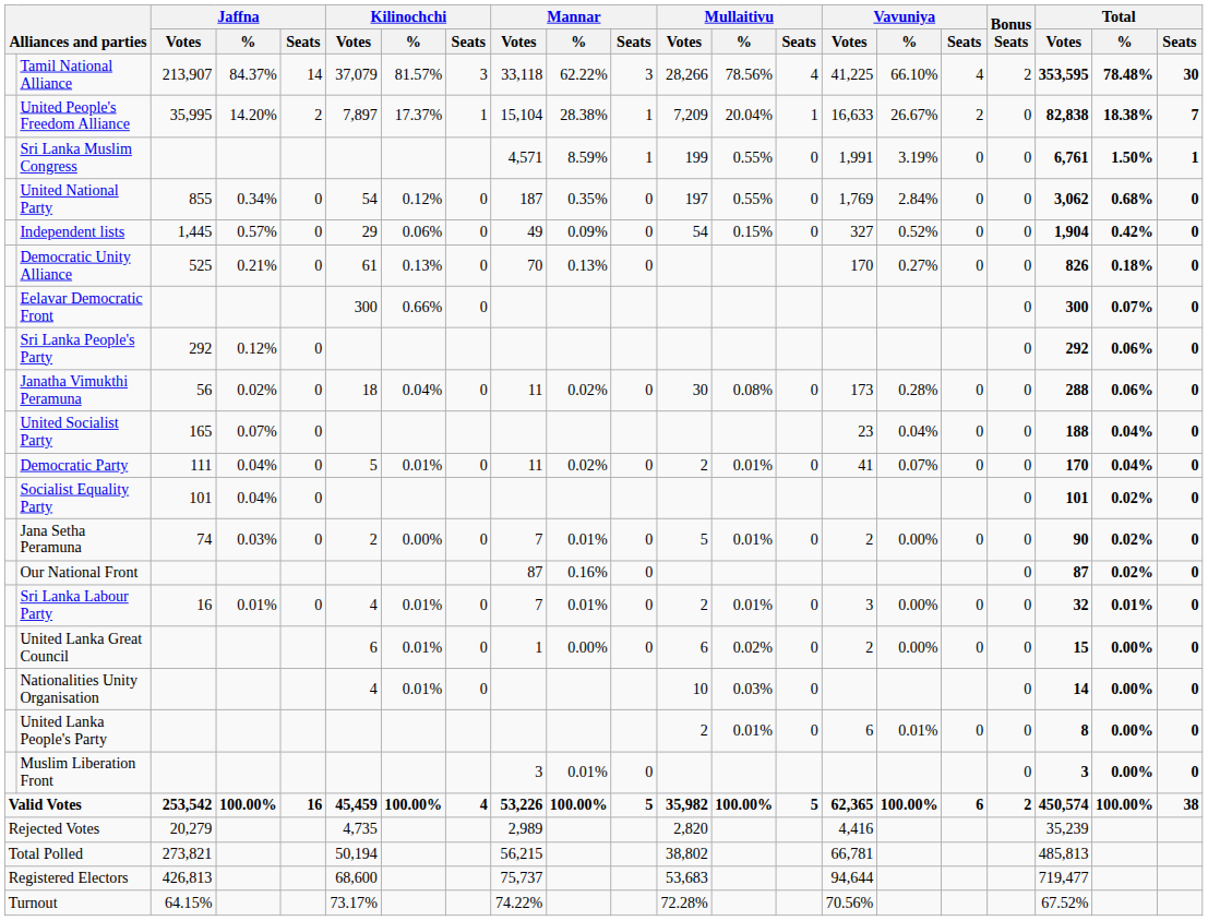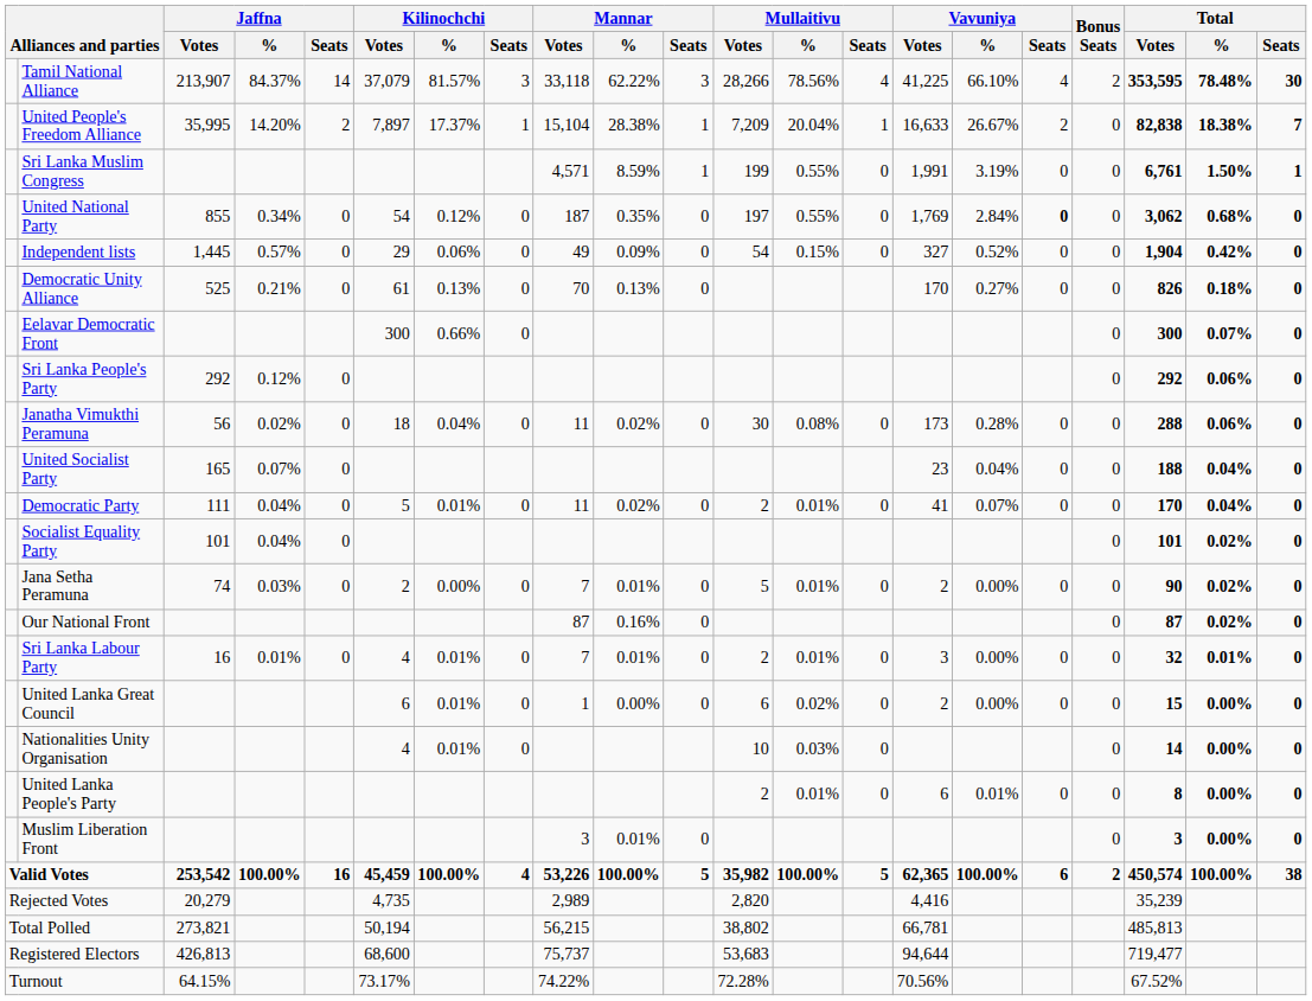 <table class="wikitable" border="1" style="text-align:right;">
 <tr>
 <th valign=bottom rowspan=2 colspan=2 width="300">Alliances and parties</th>
 <th colspan=3><a href='#'>Jaffna</a></th>
 <th colspan=3><a href='#'>Kilinochchi</a></th>
 <th colspan=3><a href='#'>Mannar</a></th>
 <th colspan=3><a href='#'>Mullaitivu</a></th>
 <th colspan=3><a href='#'>Vavuniya</a></th>
 <th valign=bottom rowspan=2 width="40">Bonus<br>Seats</th>
 <th colspan=3>Total</th>
 </tr>
 <tr>
 <th align=center valign=bottom width="60">Votes</th>
 <th align=center valign=bottom width="50">%</th>
 <th align=center valign=bottom width="40">Seats</th>
 <th align=center valign=bottom width="50">Votes</th>
 <th align=center valign=bottom width="50">%</th>
 <th align=center valign=bottom width="40">Seats</th>
 <th align=center valign=bottom width="50">Votes</th>
 <th align=center valign=bottom width="50">%</th>
 <th align=center valign=bottom width="40">Seats</th>
 <th align=center valign=bottom width="50">Votes</th>
 <th align=center valign=bottom width="50">%</th>
 <th align=center valign=bottom width="40">Seats</th>
 <th align=center valign=bottom width="50">Votes</th>
 <th align=center valign=bottom width="50">%</th>
 <th align=center valign=bottom width="40">Seats</th>
 <th align=center valign=bottom width="50">Votes</th>
 <th align=center valign=bottom width="50">%</th>
 <th align=center valign=bottom width="40">Seats</th>
 </tr>
 <tr>
 <td bgcolor=> </td>
 <td align=left><a href='#'>Tamil National Alliance</a></td>
 <td>213,907</td>
 <td>84.37%</td>
 <td>14</td>
 <td>37,079</td>
 <td>81.57%</td>
 <td>3</td>
 <td>33,118</td>
 <td>62.22%</td>
 <td>3</td>
 <td>28,266</td>
 <td>78.56%</td>
 <td>4</td>
 <td>41,225</td>
 <td>66.10%</td>
 <td>4</td>
 <td>2</td>
 <td><strong>353,595</strong></td>
 <td><strong>78.48%</strong></td>
 <td><strong>30</strong></td>
 </tr>
 <tr>
 <td bgcolor=> </td>
 <td align=left><a href='#'>United People's Freedom Alliance</a></td>
 <td>35,995</td>
 <td>14.20%</td>
 <td>2</td>
 <td>7,897</td>
 <td>17.37%</td>
 <td>1</td>
 <td>15,104</td>
 <td>28.38%</td>
 <td>1</td>
 <td>7,209</td>
 <td>20.04%</td>
 <td>1</td>
 <td>16,633</td>
 <td>26.67%</td>
 <td>2</td>
 <td>0</td>
 <td><strong>82,838</strong></td>
 <td><strong>18.38%</strong></td>
 <td><strong>7</strong></td>
 </tr>
 <tr>
 <td bgcolor=> </td>
 <td align=left><a href='#'>Sri Lanka Muslim Congress</a></td>
 <td></td>
 <td></td>
 <td></td>
 <td></td>
 <td></td>
 <td></td>
 <td>4,571</td>
 <td>8.59%</td>
 <td>1</td>
 <td>199</td>
 <td>0.55%</td>
 <td>0</td>
 <td>1,991</td>
 <td>3.19%</td>
 <td>0</td>
 <td>0</td>
 <td><strong>6,761</strong></td>
 <td><strong>1.50%</strong></td>
 <td><strong>1</strong></td>
 </tr>
 <tr>
 <td bgcolor=> </td>
 <td align=left><a href='#'>United National Party</a></td>
 <td>855</td>
 <td>0.34%</td>
 <td>0</td>
 <td>54</td>
 <td>0.12%</td>
 <td>0</td>
 <td>187</td>
 <td>0.35%</td>
 <td>0</td>
 <td>197</td>
 <td>0.55%</td>
 <td>0</td>
 <td>1,769</td>
 <td>2.84%</td>
-<td>0</td>
+<td><strong>0</strong></td>
 <td>0</td>
 <td><strong>3,062</strong></td>
 <td><strong>0.68%</strong></td>
 <td><strong>0</strong></td>
 </tr>
 <tr>
 <td bgcolor=> </td>
 <td align=left><a href='#'>Independent lists</a></td>
 <td>1,445</td>
 <td>0.57%</td>
 <td>0</td>
 <td>29</td>
 <td>0.06%</td>
 <td>0</td>
 <td>49</td>
 <td>0.09%</td>
 <td>0</td>
 <td>54</td>
 <td>0.15%</td>
 <td>0</td>
 <td>327</td>
 <td>0.52%</td>
 <td>0</td>
 <td>0</td>
 <td><strong>1,904</strong></td>
 <td><strong>0.42%</strong></td>
 <td><strong>0</strong></td>
 </tr>
 <tr>
 <td bgcolor=> </td>
 <td align=left><a href='#'>Democratic Unity Alliance</a></td>
 <td>525</td>
 <td>0.21%</td>
 <td>0</td>
 <td>61</td>
 <td>0.13%</td>
 <td>0</td>
 <td>70</td>
 <td>0.13%</td>
 <td>0</td>
 <td></td>
 <td></td>
 <td></td>
 <td>170</td>
 <td>0.27%</td>
 <td>0</td>
 <td>0</td>
 <td><strong>826</strong></td>
 <td><strong>0.18%</strong></td>
 <td><strong>0</strong></td>
 </tr>
 <tr>
 <td bgcolor=> </td>
 <td align=left><a href='#'>Eelavar Democratic Front</a></td>
 <td></td>
 <td></td>
 <td></td>
 <td>300</td>
 <td>0.66%</td>
 <td>0</td>
 <td></td>
 <td></td>
 <td></td>
 <td></td>
 <td></td>
 <td></td>
 <td></td>
 <td></td>
 <td></td>
 <td>0</td>
 <td><strong>300</strong></td>
 <td><strong>0.07%</strong></td>
 <td><strong>0</strong></td>
 </tr>
 <tr>
 <td></td>
 <td align=left><a href='#'>Sri Lanka People's Party</a></td>
 <td>292</td>
 <td>0.12%</td>
 <td>0</td>
 <td></td>
 <td></td>
 <td></td>
 <td></td>
 <td></td>
 <td></td>
 <td></td>
 <td></td>
 <td></td>
 <td></td>
 <td></td>
 <td></td>
 <td>0</td>
 <td><strong>292</strong></td>
 <td><strong>0.06%</strong></td>
 <td><strong>0</strong></td>
 </tr>
 <tr>
 <td bgcolor=> </td>
 <td align=left><a href='#'>Janatha Vimukthi Peramuna</a></td>
 <td>56</td>
 <td>0.02%</td>
 <td>0</td>
 <td>18</td>
 <td>0.04%</td>
 <td>0</td>
 <td>11</td>
 <td>0.02%</td>
 <td>0</td>
 <td>30</td>
 <td>0.08%</td>
 <td>0</td>
 <td>173</td>
 <td>0.28%</td>
 <td>0</td>
 <td>0</td>
 <td><strong>288</strong></td>
 <td><strong>0.06%</strong></td>
 <td><strong>0</strong></td>
 </tr>
 <tr>
 <td bgcolor=> </td>
 <td align=left><a href='#'>United Socialist Party</a></td>
 <td>165</td>
 <td>0.07%</td>
 <td>0</td>
 <td></td>
 <td></td>
 <td></td>
 <td></td>
 <td></td>
 <td></td>
 <td></td>
 <td></td>
 <td></td>
 <td>23</td>
 <td>0.04%</td>
 <td>0</td>
 <td>0</td>
 <td><strong>188</strong></td>
 <td><strong>0.04%</strong></td>
 <td><strong>0</strong></td>
 </tr>
 <tr>
 <td bgcolor=> </td>
 <td align=left><a href='#'>Democratic Party</a></td>
 <td>111</td>
 <td>0.04%</td>
 <td>0</td>
 <td>5</td>
 <td>0.01%</td>
 <td>0</td>
 <td>11</td>
 <td>0.02%</td>
 <td>0</td>
 <td>2</td>
 <td>0.01%</td>
 <td>0</td>
 <td>41</td>
 <td>0.07%</td>
 <td>0</td>
 <td>0</td>
 <td><strong>170</strong></td>
 <td><strong>0.04%</strong></td>
 <td><strong>0</strong></td>
 </tr>
 <tr>
 <td bgcolor=> </td>
 <td align=left><a href='#'>Socialist Equality Party</a></td>
 <td>101</td>
 <td>0.04%</td>
 <td>0</td>
 <td></td>
 <td></td>
 <td></td>
 <td></td>
 <td></td>
 <td></td>
 <td></td>
 <td></td>
 <td></td>
 <td></td>
 <td></td>
 <td></td>
 <td>0</td>
 <td><strong>101</strong></td>
 <td><strong>0.02%</strong></td>
 <td><strong>0</strong></td>
 </tr>
 <tr>
 <td></td>
 <td align=left>Jana Setha Peramuna</td>
 <td>74</td>
 <td>0.03%</td>
 <td>0</td>
 <td>2</td>
 <td>0.00%</td>
 <td>0</td>
 <td>7</td>
 <td>0.01%</td>
 <td>0</td>
 <td>5</td>
 <td>0.01%</td>
 <td>0</td>
 <td>2</td>
 <td>0.00%</td>
 <td>0</td>
 <td>0</td>
 <td><strong>90</strong></td>
 <td><strong>0.02%</strong></td>
 <td><strong>0</strong></td>
 </tr>
 <tr>
 <td></td>
 <td align=left>Our National Front</td>
 <td></td>
 <td></td>
 <td></td>
 <td></td>
 <td></td>
 <td></td>
 <td>87</td>
 <td>0.16%</td>
 <td>0</td>
 <td></td>
 <td></td>
 <td></td>
 <td></td>
 <td></td>
 <td></td>
 <td>0</td>
 <td><strong>87</strong></td>
 <td><strong>0.02%</strong></td>
 <td><strong>0</strong></td>
 </tr>
 <tr>
 <td></td>
 <td align=left><a href='#'>Sri Lanka Labour Party</a></td>
 <td>16</td>
 <td>0.01%</td>
 <td>0</td>
 <td>4</td>
 <td>0.01%</td>
 <td>0</td>
 <td>7</td>
 <td>0.01%</td>
 <td>0</td>
 <td>2</td>
 <td>0.01%</td>
 <td>0</td>
 <td>3</td>
 <td>0.00%</td>
 <td>0</td>
 <td>0</td>
 <td><strong>32</strong></td>
 <td><strong>0.01%</strong></td>
 <td><strong>0</strong></td>
 </tr>
 <tr>
 <td></td>
 <td align=left>United Lanka Great Council</td>
 <td></td>
 <td></td>
 <td></td>
 <td>6</td>
 <td>0.01%</td>
 <td>0</td>
 <td>1</td>
 <td>0.00%</td>
 <td>0</td>
 <td>6</td>
 <td>0.02%</td>
 <td>0</td>
 <td>2</td>
 <td>0.00%</td>
 <td>0</td>
 <td>0</td>
 <td><strong>15</strong></td>
 <td><strong>0.00%</strong></td>
 <td><strong>0</strong></td>
 </tr>
 <tr>
 <td></td>
 <td align=left>Nationalities Unity Organisation</td>
 <td></td>
 <td></td>
 <td></td>
 <td>4</td>
 <td>0.01%</td>
 <td>0</td>
 <td></td>
 <td></td>
 <td></td>
 <td>10</td>
 <td>0.03%</td>
 <td>0</td>
 <td></td>
 <td></td>
 <td></td>
 <td>0</td>
 <td><strong>14</strong></td>
 <td><strong>0.00%</strong></td>
 <td><strong>0</strong></td>
 </tr>
 <tr>
 <td></td>
 <td align=left>United Lanka People's Party</td>
 <td></td>
 <td></td>
 <td></td>
 <td></td>
 <td></td>
 <td></td>
 <td></td>
 <td></td>
 <td></td>
 <td>2</td>
 <td>0.01%</td>
 <td>0</td>
 <td>6</td>
 <td>0.01%</td>
 <td>0</td>
 <td>0</td>
 <td><strong>8</strong></td>
 <td><strong>0.00%</strong></td>
 <td><strong>0</strong></td>
 </tr>
 <tr>
 <td></td>
 <td align=left>Muslim Liberation Front</td>
 <td></td>
 <td></td>
 <td></td>
 <td></td>
 <td></td>
 <td></td>
 <td>3</td>
 <td>0.01%</td>
 <td>0</td>
 <td></td>
 <td></td>
 <td></td>
 <td></td>
 <td></td>
 <td></td>
 <td>0</td>
 <td><strong>3</strong></td>
 <td><strong>0.00%</strong></td>
 <td><strong>0</strong></td>
 </tr>
 <tr style="font-weight:bold">
 <td colspan=2 align=left>Valid Votes</td>
 <td>253,542</td>
 <td>100.00%</td>
 <td>16</td>
 <td>45,459</td>
 <td>100.00%</td>
 <td>4</td>
 <td>53,226</td>
 <td>100.00%</td>
 <td>5</td>
 <td>35,982</td>
 <td>100.00%</td>
 <td>5</td>
 <td>62,365</td>
 <td>100.00%</td>
 <td>6</td>
 <td>2</td>
 <td>450,574</td>
 <td>100.00%</td>
 <td>38</td>
 </tr>
 <tr>
 <td colspan=2 align=left>Rejected Votes</td>
 <td>20,279</td>
 <td></td>
 <td></td>
 <td>4,735</td>
 <td></td>
 <td></td>
 <td>2,989</td>
 <td></td>
 <td></td>
 <td>2,820</td>
 <td></td>
 <td></td>
 <td>4,416</td>
 <td></td>
 <td></td>
 <td></td>
 <td>35,239</td>
 <td></td>
 <td></td>
 </tr>
 <tr>
 <td colspan=2 align=left>Total Polled</td>
 <td>273,821</td>
 <td></td>
 <td></td>
 <td>50,194</td>
 <td></td>
 <td></td>
 <td>56,215</td>
 <td></td>
 <td></td>
 <td>38,802</td>
 <td></td>
 <td></td>
 <td>66,781</td>
 <td></td>
 <td></td>
 <td></td>
 <td>485,813</td>
 <td></td>
 <td></td>
 </tr>
 <tr>
 <td colspan=2 align=left>Registered Electors</td>
 <td>426,813</td>
 <td></td>
 <td></td>
 <td>68,600</td>
 <td></td>
 <td></td>
 <td>75,737</td>
 <td></td>
 <td></td>
 <td>53,683</td>
 <td></td>
 <td></td>
 <td>94,644</td>
 <td></td>
 <td></td>
 <td></td>
 <td>719,477</td>
 <td></td>
 <td></td>
 </tr>
 <tr>
 <td colspan=2 align=left>Turnout</td>
 <td>64.15%</td>
 <td></td>
 <td></td>
 <td>73.17%</td>
 <td></td>
 <td></td>
 <td>74.22%</td>
 <td></td>
 <td></td>
 <td>72.28%</td>
 <td></td>
 <td></td>
 <td>70.56%</td>
 <td></td>
 <td></td>
 <td></td>
 <td>67.52%</td>
 <td></td>
 <td></td>
 </tr>
 </table>
